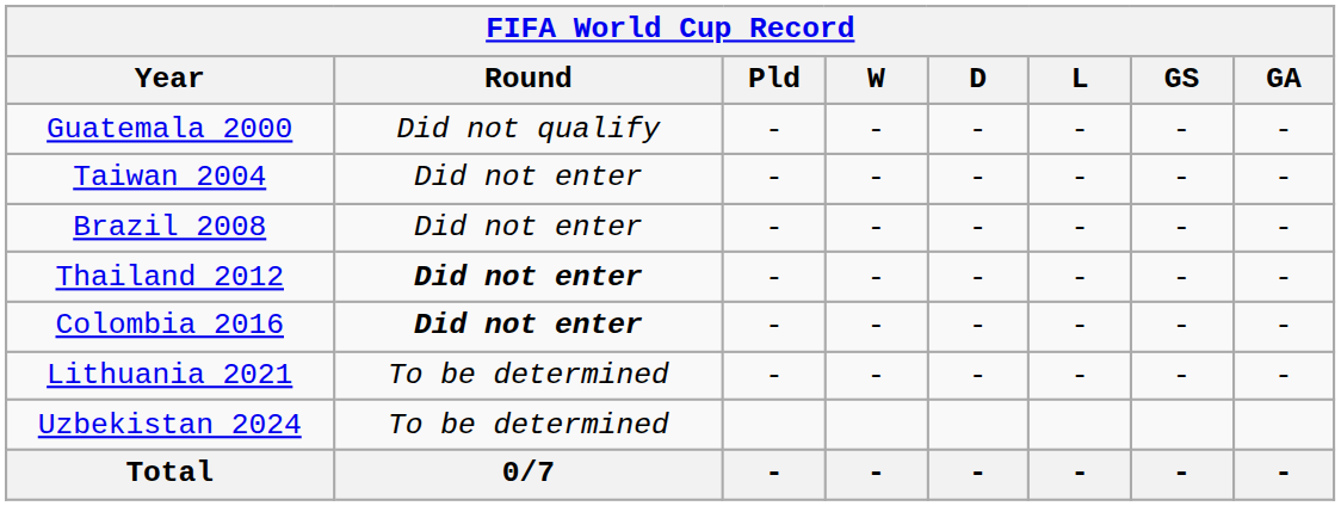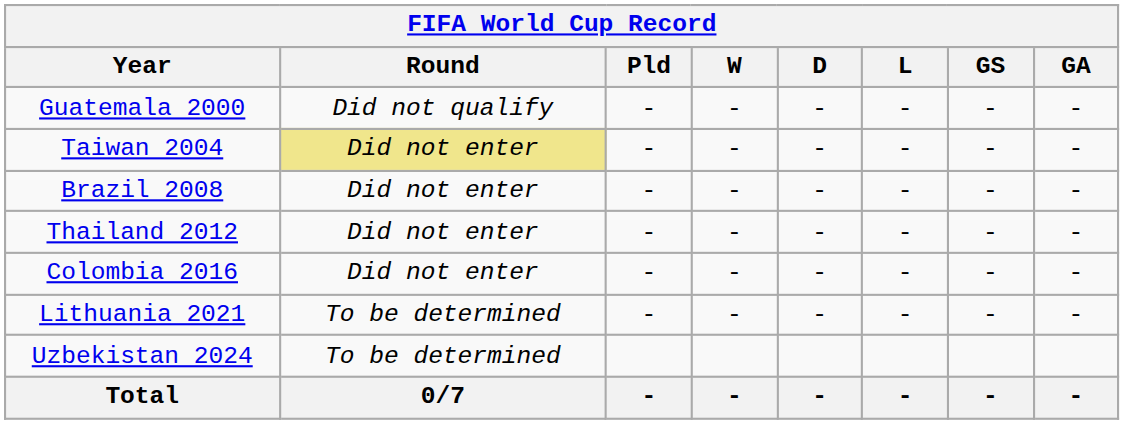 <table class="wikitable" style="text-align: center;font-size:90%;">
 <tr>
 <th colspan=8><a href='#'>FIFA World Cup Record</a></th>
 </tr>
 <tr>
 <th width=125>Year</th>
 <th width=150>Round</th>
 <th width=35>Pld</th>
 <th width=35>W</th>
 <th width=35>D</th>
 <th width=35>L</th>
 <th width=35>GS</th>
 <th width=35>GA</th>
 </tr>
 <tr>
 <td><a href='#'>Guatemala 2000</a></td>
 <td><em>Did not qualify</em></td>
 <td>-</td>
 <td>-</td>
 <td>-</td>
 <td>-</td>
 <td>-</td>
 <td>-</td>
 </tr>
 <tr>
 <td><a href='#'>Taiwan 2004</a></td>
-<td><em>Did not enter</em></td>
+<td style="background: khaki;"><em>Did not enter</em></td>
 <td>-</td>
 <td>-</td>
 <td>-</td>
 <td>-</td>
 <td>-</td>
 <td>-</td>
 </tr>
 <tr>
 <td><a href='#'>Brazil 2008</a></td>
 <td><em>Did not enter</em></td>
 <td>-</td>
 <td>-</td>
 <td>-</td>
 <td>-</td>
 <td>-</td>
 <td>-</td>
 </tr>
 <tr>
 <td><a href='#'>Thailand 2012</a></td>
-<td><strong><em>Did not enter</em></strong></td>
+<td><em>Did not enter</em></td>
 <td>-</td>
 <td>-</td>
 <td>-</td>
 <td>-</td>
 <td>-</td>
 <td>-</td>
 </tr>
 <tr>
 <td><a href='#'>Colombia 2016</a></td>
-<td><strong><em>Did not enter</em></strong></td>
+<td><em>Did not enter</em></td>
 <td>-</td>
 <td>-</td>
 <td>-</td>
 <td>-</td>
 <td>-</td>
 <td>-</td>
 </tr>
 <tr>
 <td><a href='#'>Lithuania 2021</a></td>
 <td><em>To be determined</em></td>
 <td>-</td>
 <td>-</td>
 <td>-</td>
 <td>-</td>
 <td>-</td>
 <td>-</td>
 </tr>
 <tr>
 <td><a href='#'>Uzbekistan 2024</a></td>
 <td><em>To be determined</em></td>
 <td></td>
 <td></td>
 <td></td>
 <td></td>
 <td></td>
 <td></td>
 </tr>
 <tr>
 <th><strong>Total</strong></th>
 <th>0/7</th>
 <th>-</th>
 <th>-</th>
 <th>-</th>
 <th>-</th>
 <th>-</th>
 <th>-</th>
 </tr>
 </table>
